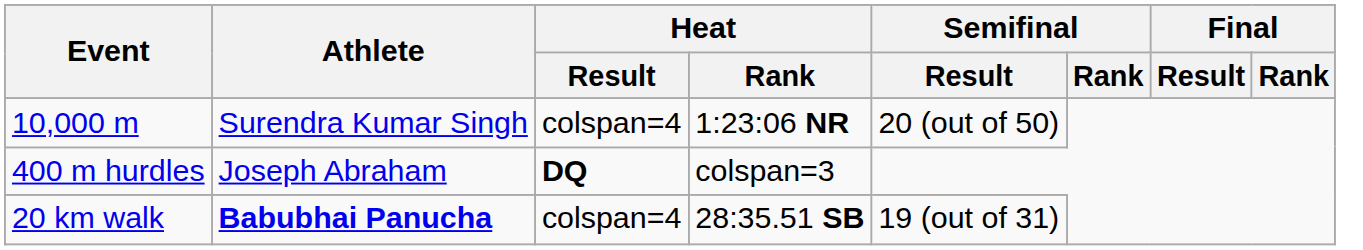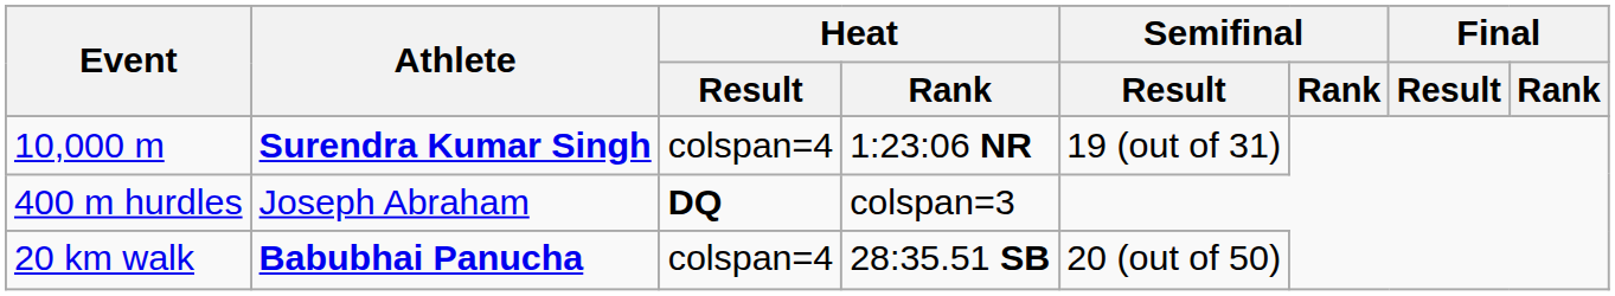 <table class="wikitable" style=width: 44%; margin-right: 20px; font-size: 100%;">
 <tr>
 <th rowspan="2">Event</th>
 <th rowspan="2">Athlete</th>
 <th colspan="2">Heat</th>
 <th colspan="2">Semifinal</th>
 <th colspan="2">Final</th>
 </tr>
 <tr style="font-size:95%">
 <th>Result</th>
 <th>Rank</th>
 <th>Result</th>
 <th>Rank</th>
 <th>Result</th>
 <th>Rank</th>
 </tr>
 <tr>
 <td><a href='#'>10,000 m</a></td>
-<td><a href='#'>Surendra Kumar Singh</a></td>
+<td><strong><a href='#'>Surendra Kumar Singh</a></strong></td>
 <td>colspan=4 </td>
 <td>1:23:06 <strong>NR</strong></td>
-<td>20 (out of 50)</td>
+<td>19 (out of 31)</td>
 </tr>
 <tr>
 <td><a href='#'>400 m hurdles</a></td>
 <td><a href='#'>Joseph Abraham</a></td>
 <td><strong>DQ</strong></td>
 <td>colspan=3 </td>
 </tr>
 <tr>
 <td><a href='#'>20 km walk</a></td>
 <td><strong><a href='#'>Babubhai Panucha</a></strong></td>
 <td>colspan=4 </td>
 <td>28:35.51 <strong>SB</strong></td>
-<td>19 (out of 31)</td>
+<td>20 (out of 50)</td>
 </tr>
 </table>
